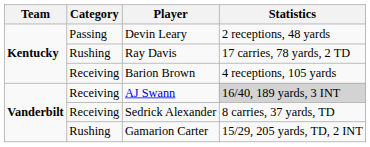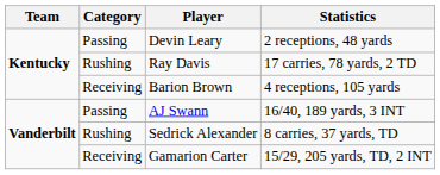 <table class="wikitable" style="float: right;">
 <tr>
 <th>Team</th>
 <th>Category</th>
 <th>Player</th>
 <th>Statistics</th>
 </tr>
 <tr>
 <td rowspan=3><strong>Kentucky</strong></td>
 <td>Passing</td>
 <td>Devin Leary</td>
 <td>2 receptions, 48 yards</td>
 </tr>
 <tr>
 <td>Rushing</td>
 <td>Ray Davis</td>
 <td>17 carries, 78 yards, 2 TD</td>
 </tr>
 <tr>
 <td>Receiving</td>
 <td>Barion Brown</td>
 <td>4 receptions, 105 yards</td>
 </tr>
 <tr>
 <td rowspan=3><strong>Vanderbilt</strong></td>
-<td>Receiving</td>
+<td>Passing</td>
 <td><a href='#'>AJ Swann</a></td>
-<td style="background: lightgrey;">16/40, 189 yards, 3 INT</td>
+<td>16/40, 189 yards, 3 INT</td>
 </tr>
 <tr>
-<td>Receiving</td>
+<td>Rushing</td>
 <td>Sedrick Alexander</td>
 <td>8 carries, 37 yards, TD</td>
 </tr>
 <tr>
-<td>Rushing</td>
+<td>Receiving</td>
 <td>Gamarion Carter</td>
 <td>15/29, 205 yards, TD, 2 INT</td>
 </tr>
 </table>
